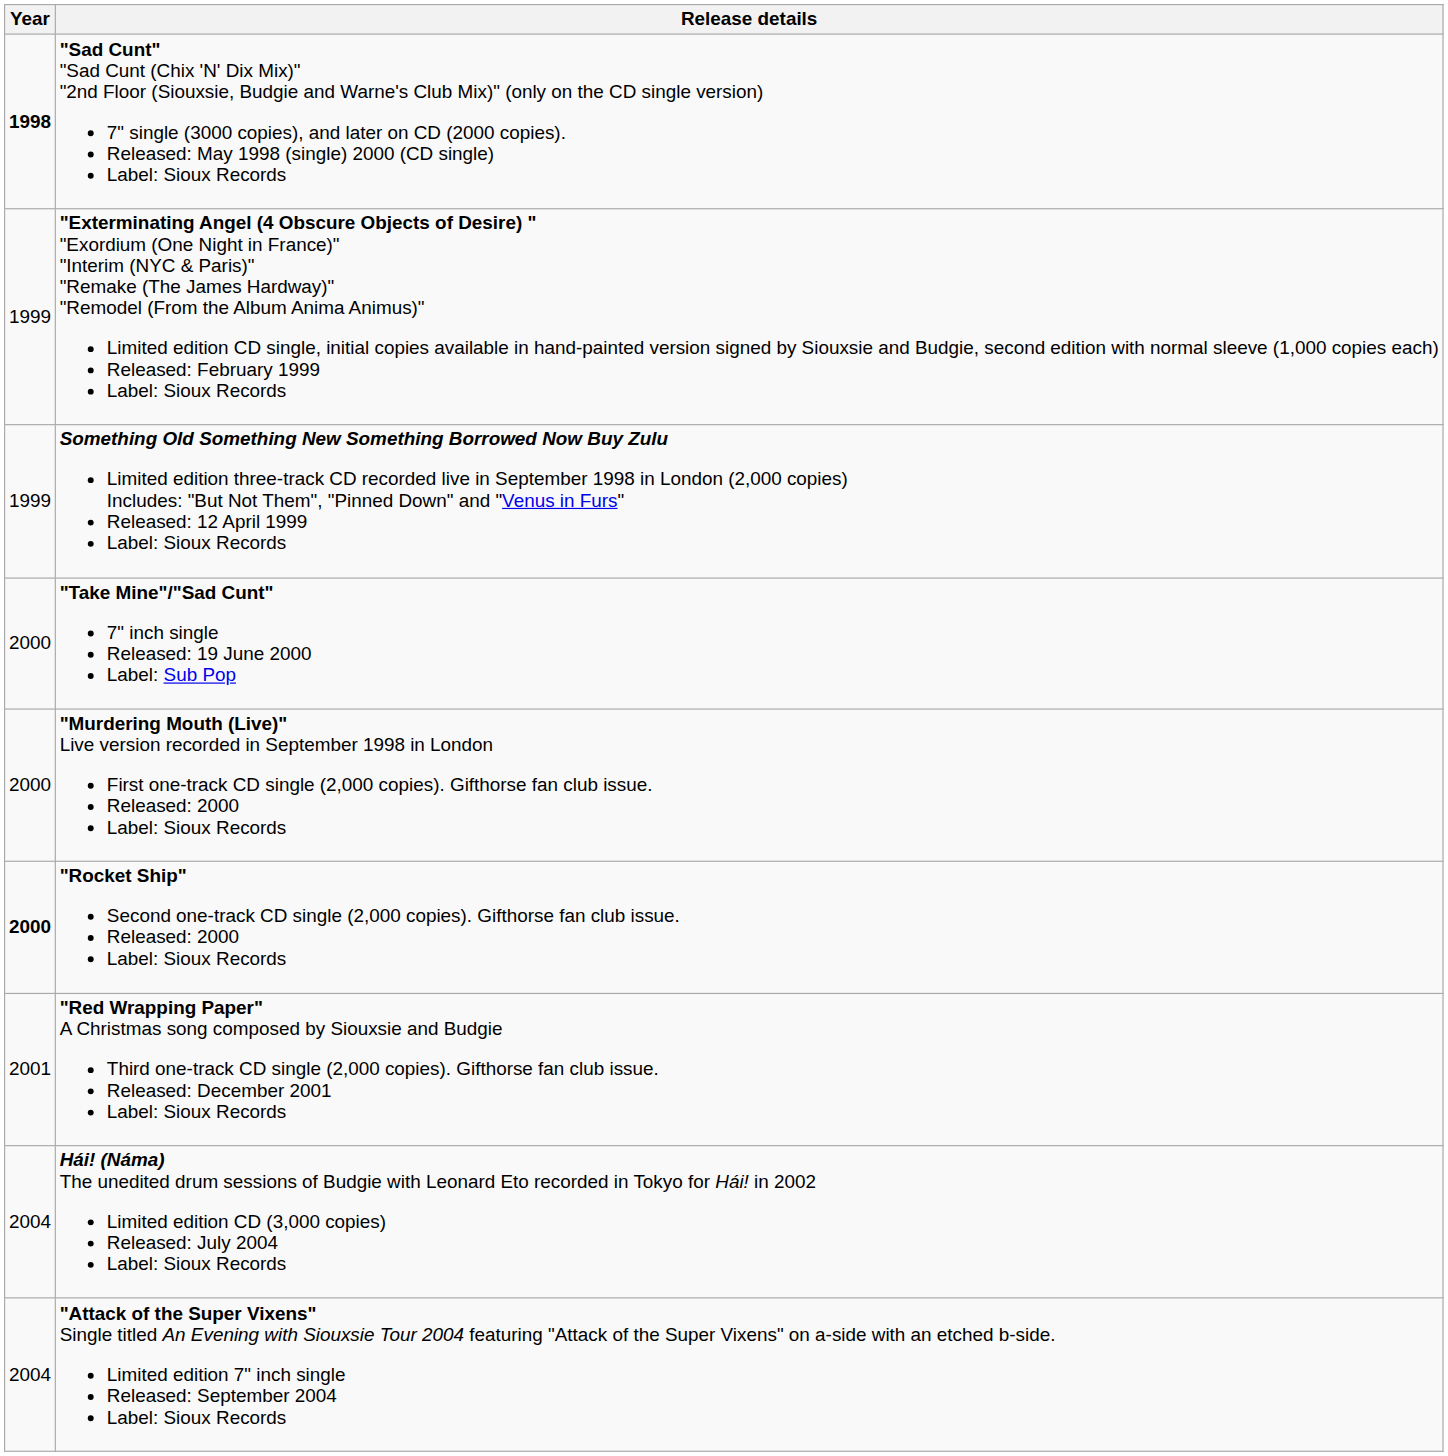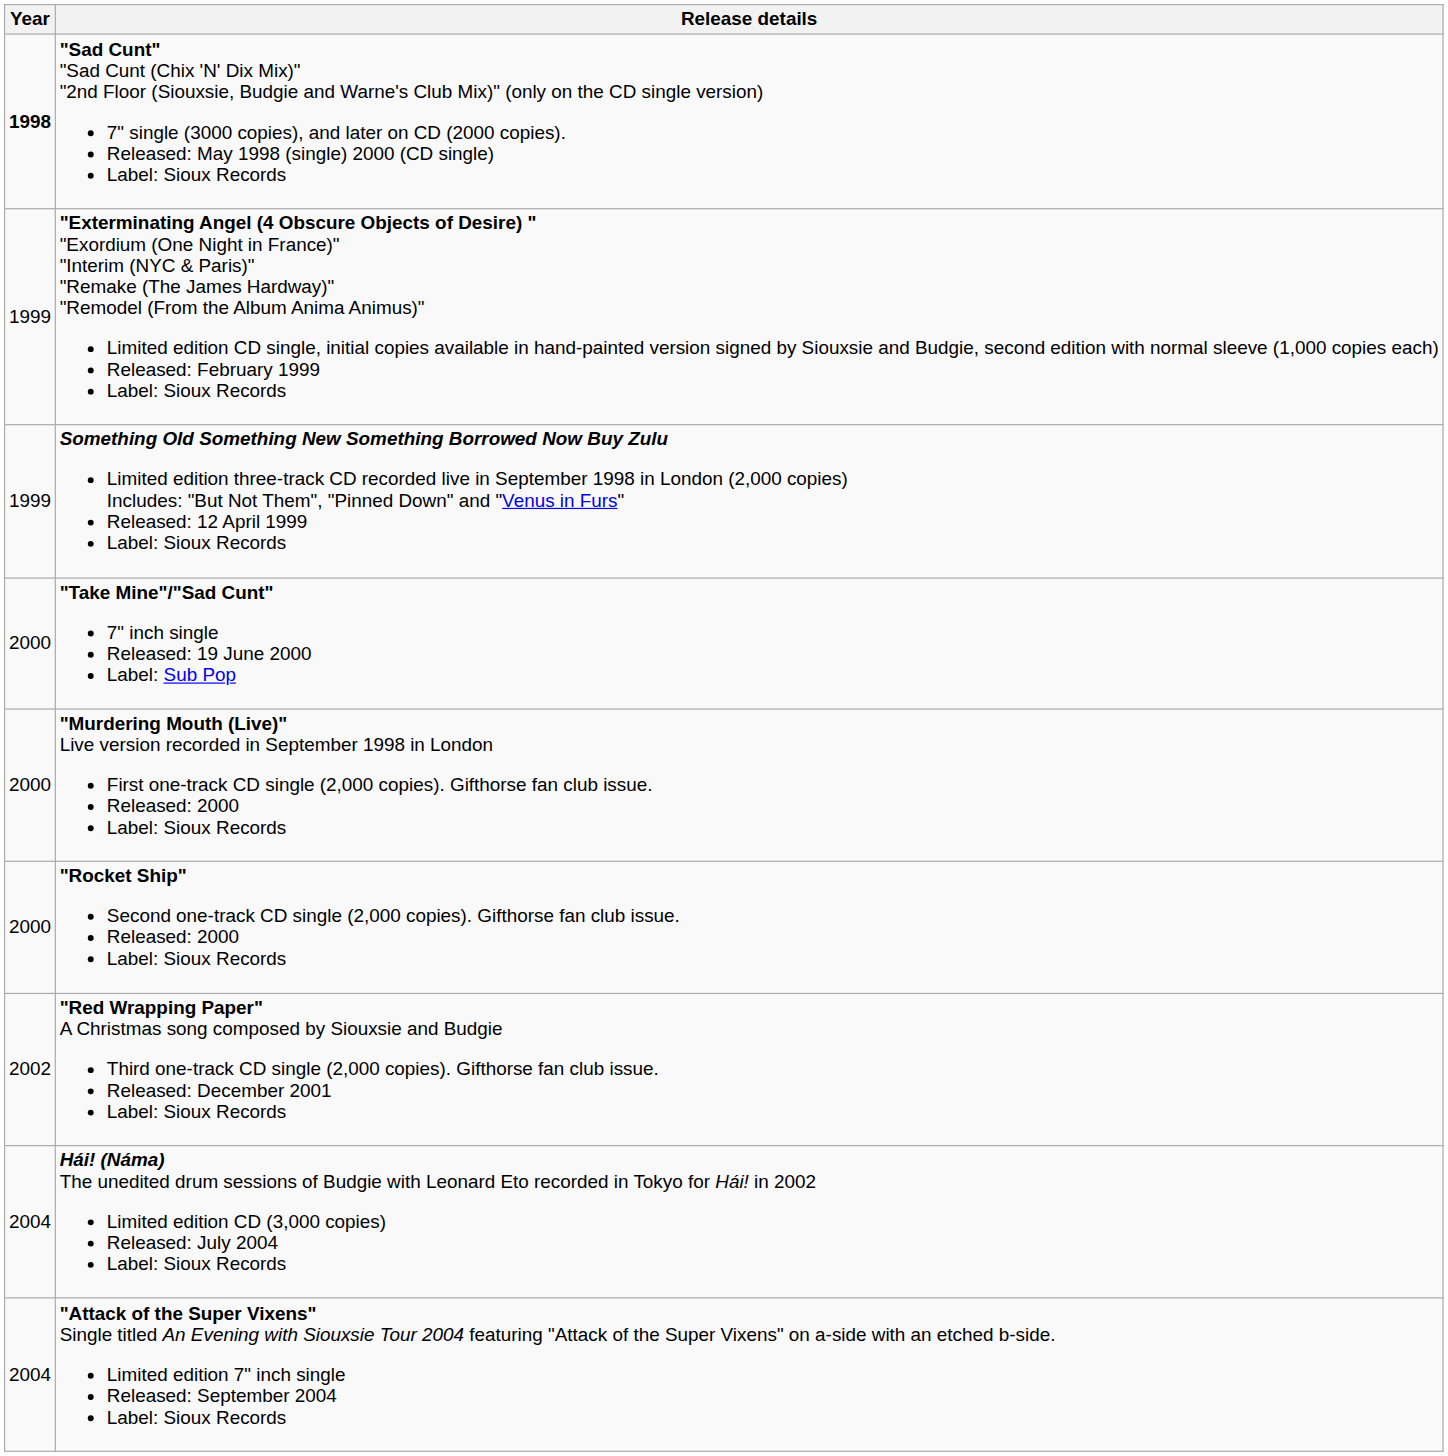 <table class="wikitable" style="text-align:center;">
 <tr>
 <th rowspan="1">Year</th>
 <th rowspan="1">Release details</th>
 </tr>
 <tr>
 <td><strong>1998</strong></td>
 <td align="left"><strong>"Sad Cunt"</strong><br> "Sad Cunt (Chix 'N' Dix Mix)"<br>"2nd Floor (Siouxsie, Budgie and Warne's Club Mix)" (only on the CD single version)<br><ul><li>7" single (3000 copies), and later on CD (2000 copies).</li><li>Released: May 1998 (single) 2000 (CD single)</li><li>Label: Sioux Records</li></ul></td>
 </tr>
 <tr>
 <td>1999</td>
 <td align="left"><strong>"Exterminating Angel (4 Obscure Objects of Desire) "</strong><br>"Exordium (One Night in France)"<br>"Interim (NYC & Paris)"<br>"Remake (The James Hardway)"<br>"Remodel (From the Album Anima Animus)"<br><ul><li>Limited edition CD single, initial copies available in hand-painted version signed by Siouxsie and Budgie, second edition with normal sleeve (1,000 copies each)</li><li>Released: February 1999</li><li>Label: Sioux Records</li></ul></td>
 </tr>
 <tr>
 <td>1999</td>
 <td align="left"><strong><em>Something Old Something New Something Borrowed Now Buy Zulu</em></strong><br><ul><li>Limited edition three-track CD recorded live in September 1998 in London (2,000 copies)<br> Includes: "But Not Them", "Pinned Down" and "<a href='#'>Venus in Furs</a>"</li><li>Released: 12 April 1999</li><li>Label: Sioux Records</li></ul></td>
 </tr>
 <tr>
 <td>2000</td>
 <td align="left"><strong>"Take Mine"/"Sad Cunt"</strong><br><ul><li>7" inch single</li><li>Released: 19 June 2000</li><li>Label: <a href='#'>Sub Pop</a></li></ul></td>
 </tr>
 <tr>
 <td>2000</td>
 <td align="left"><strong>"Murdering Mouth (Live)"</strong><br><span> Live version recorded in September 1998 in London</span><br><ul><li>First one-track CD single (2,000 copies). Gifthorse fan club issue.</li><li>Released: 2000</li><li>Label: Sioux Records</li></ul></td>
 </tr>
 <tr>
-<td><strong>2000</strong></td>
+<td>2000</td>
 <td align="left"><strong>"Rocket Ship"</strong><br><ul><li>Second one-track CD single (2,000 copies). Gifthorse fan club issue.</li><li>Released: 2000</li><li>Label: Sioux Records</li></ul></td>
 </tr>
 <tr>
-<td>2001</td>
+<td>2002</td>
 <td align="left"><strong>"Red Wrapping Paper"</strong><br><span>A Christmas song composed by Siouxsie and Budgie</span><br><ul><li>Third one-track CD single (2,000 copies). Gifthorse fan club issue.</li><li>Released: December 2001</li><li>Label: Sioux Records</li></ul></td>
 </tr>
 <tr>
 <td>2004</td>
 <td align="left"><strong><em> Hái! (Náma)</em></strong><br><span>The unedited drum sessions of Budgie with Leonard Eto recorded in Tokyo for <em>Hái!</em> in 2002</span><br><ul><li>Limited edition CD (3,000 copies)</li><li>Released: July 2004</li><li>Label: Sioux Records</li></ul></td>
 </tr>
 <tr>
 <td>2004</td>
 <td align="left"><strong>"Attack of the Super Vixens"</strong><br><span>Single titled <em>An Evening with Siouxsie Tour 2004</em> featuring "Attack of the Super Vixens" on a-side with an etched b-side.</span><br><ul><li>Limited edition 7" inch single</li><li>Released: September 2004</li><li>Label: Sioux Records</li></ul></td>
 </tr>
 </table>
